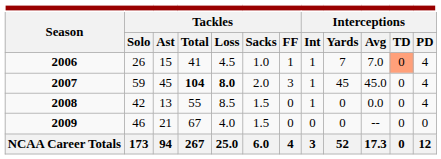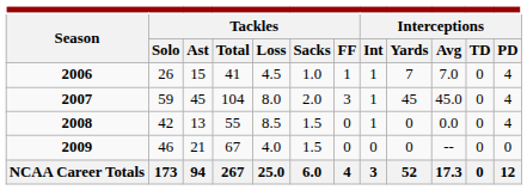 <table class=wikitable style="text-align:center;">
 <tr>
 <td ! colspan="15" style="background: #990000; border: 2px solid #FFFFFF; color:#FFFFFF;"></td>
 </tr>
 <tr>
 <th rowspan=2>Season</th>
 <th colspan=6>Tackles</th>
 <th colspan=5>Interceptions</th>
 </tr>
 <tr>
 <th>Solo</th>
 <th>Ast</th>
 <th>Total</th>
 <th>Loss</th>
 <th>Sacks</th>
 <th>FF</th>
 <th>Int</th>
 <th>Yards</th>
 <th>Avg</th>
 <th>TD</th>
 <th>PD</th>
 </tr>
 <tr>
 <td><strong>2006</strong></td>
 <td>26</td>
 <td>15</td>
 <td>41</td>
 <td>4.5</td>
 <td>1.0</td>
 <td>1</td>
 <td>1</td>
 <td>7</td>
 <td>7.0</td>
-<td style="background: lightsalmon;">0</td>
+<td>0</td>
 <td>4</td>
 </tr>
 <tr>
 <td><strong>2007</strong></td>
 <td>59</td>
 <td>45</td>
-<td><strong>104</strong></td>
-<td><strong>8.0</strong></td>
+<td>104</td>
+<td>8.0</td>
 <td>2.0</td>
 <td>3</td>
 <td>1</td>
 <td>45</td>
 <td>45.0</td>
 <td>0</td>
 <td>4</td>
 </tr>
 <tr>
 <td><strong>2008</strong></td>
 <td>42</td>
 <td>13</td>
 <td>55</td>
 <td>8.5</td>
 <td>1.5</td>
 <td>0</td>
 <td>1</td>
 <td>0</td>
 <td>0.0</td>
 <td>0</td>
 <td>4</td>
 </tr>
 <tr>
 <td><strong>2009</strong></td>
 <td>46</td>
 <td>21</td>
 <td>67</td>
 <td>4.0</td>
 <td>1.5</td>
 <td>0</td>
 <td>0</td>
 <td>0</td>
 <td>--</td>
 <td>0</td>
 <td>0</td>
 </tr>
 <tr>
 <th>NCAA Career Totals</th>
 <th>173</th>
 <th>94</th>
 <th>267</th>
 <th>25.0</th>
 <th>6.0</th>
 <th>4</th>
 <th>3</th>
 <th>52</th>
 <th>17.3</th>
 <th>0</th>
 <th>12</th>
 </tr>
 </table>
